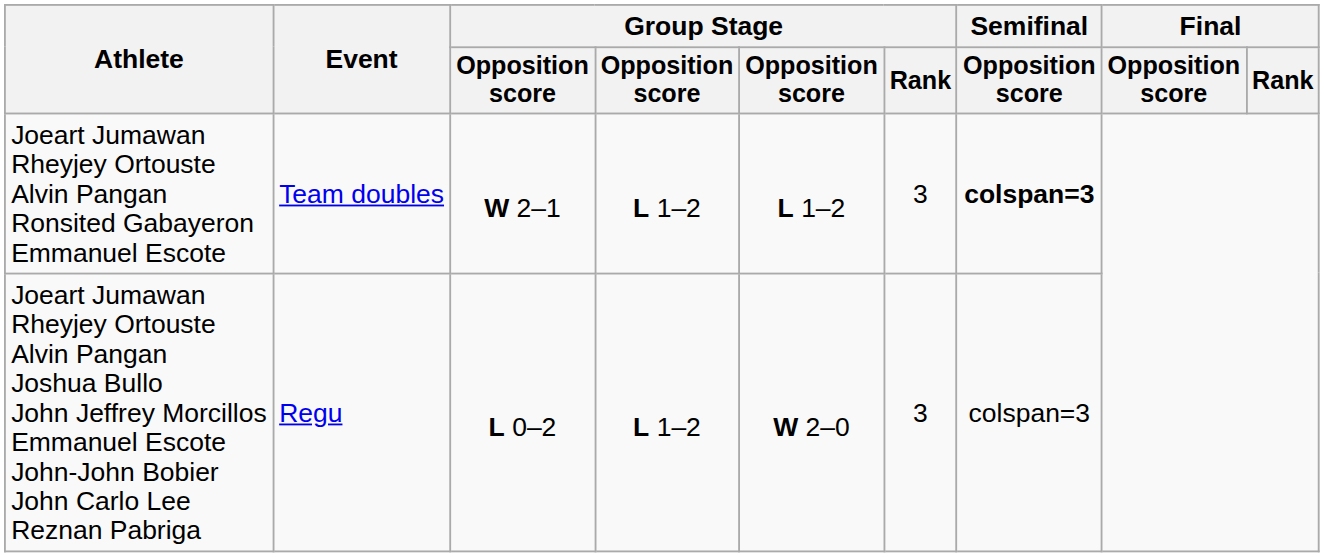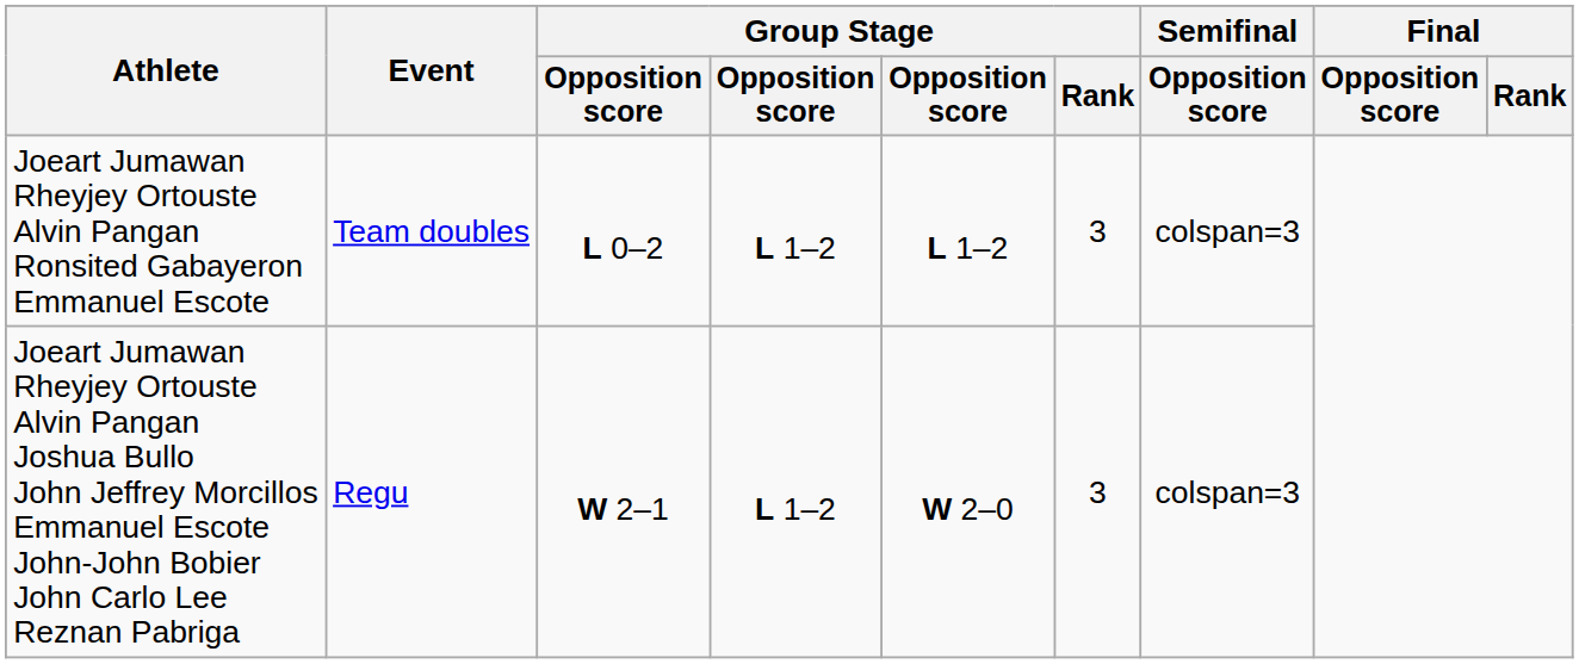 <table class=wikitable style="font-size:90%; text-align:center">
 <tr>
 <th rowspan="2">Athlete</th>
 <th rowspan="2">Event</th>
 <th colspan=4>Group Stage</th>
 <th>Semifinal</th>
 <th colspan=2>Final</th>
 </tr>
 <tr style="font-size:95%">
 <th>Opposition<br>score</th>
 <th>Opposition<br>score</th>
 <th>Opposition<br>score</th>
 <th>Rank</th>
 <th>Opposition<br>score</th>
 <th>Opposition<br>score</th>
 <th>Rank</th>
 </tr>
 <tr>
 <td align=left>Joeart Jumawan<br>Rheyjey Ortouste<br>Alvin Pangan<br>Ronsited Gabayeron<br>Emmanuel Escote</td>
 <td align=left><a href='#'>Team doubles</a></td>
-<td><br><strong>W</strong> 2–1</td>
+<td><br><strong>L</strong> 0–2</td>
 <td><br><strong>L</strong> 1–2</td>
 <td><br><strong>L</strong> 1–2</td>
 <td>3</td>
-<td><strong>colspan=3 </strong></td>
+<td>colspan=3 </td>
 </tr>
 <tr>
 <td align=left>Joeart Jumawan<br>Rheyjey Ortouste<br>Alvin Pangan<br>Joshua Bullo<br>John Jeffrey Morcillos<br>Emmanuel Escote<br>John-John Bobier<br>John Carlo Lee<br>Reznan Pabriga</td>
 <td align=left><a href='#'>Regu</a></td>
-<td><br><strong>L</strong> 0–2</td>
+<td><br><strong>W</strong> 2–1</td>
 <td><br><strong>L</strong> 1–2</td>
 <td><br><strong>W</strong> 2–0</td>
 <td>3</td>
 <td>colspan=3 </td>
 </tr>
 </table>
